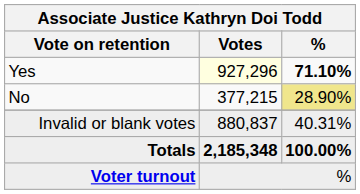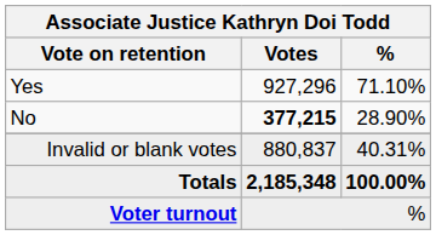 <table class="wikitable" style="font-size: 95%;">
 <tr style="background-color:#E9E9E9">
 <th colspan=7>Associate Justice Kathryn Doi Todd</th>
 </tr>
 <tr style="background-color:#E9E9E9">
 <th style="width: 170px">Vote on retention</th>
 <th style="width: 50px">Votes</th>
 <th style="width: 40px">%</th>
 </tr>
 <tr>
 <td>Yes</td>
-<td align="right" style="background: lightyellow;">927,296</td>
-<td align="right"><strong>71.10%</strong></td>
+<td align="right">927,296</td>
+<td align="right">71.10%</td>
 </tr>
 <tr>
 <td>No</td>
-<td align="right">377,215</td>
-<td align="right" style="background: khaki;">28.90%</td>
+<td align="right"><strong>377,215</strong></td>
+<td align="right">28.90%</td>
 </tr>
 <tr style="background-color:#F6F6F6">
 </tr>
 <tr bgcolor="#EEEEEE">
 <td align="right">Invalid or blank votes</td>
 <td align="right">880,837</td>
 <td align="right">40.31%</td>
 </tr>
 <tr bgcolor="#EEEEEE">
 <td align="right"><strong>Totals</strong></td>
 <td align="right"><strong>2,185,348</strong></td>
 <td align="right"><strong>100.00%</strong></td>
 </tr>
 <tr bgcolor="#EEEEEE">
 <td align="right"><strong><a href='#'>Voter turnout</a></strong></td>
 <td colspan="2" align="right">%</td>
 </tr>
 </table>
